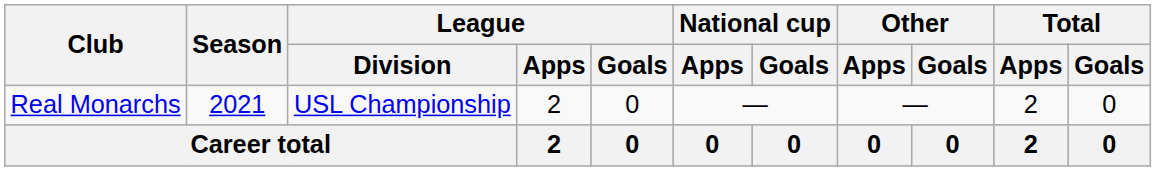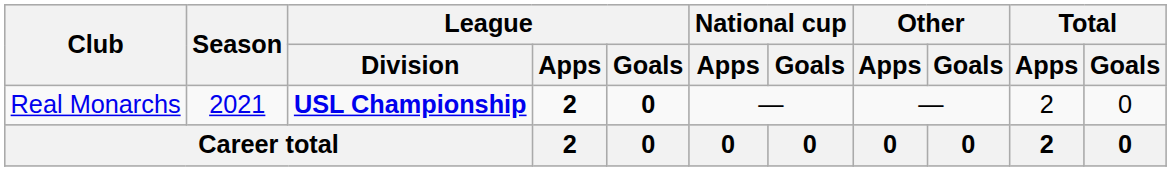 <table class=wikitable style=text-align:center>
 <tr>
 <th rowspan=2>Club</th>
 <th rowspan=2>Season</th>
 <th colspan=3>League</th>
 <th colspan=2>National cup</th>
 <th colspan=2>Other</th>
 <th colspan=2>Total</th>
 </tr>
 <tr>
 <th>Division</th>
 <th>Apps</th>
 <th>Goals</th>
 <th>Apps</th>
 <th>Goals</th>
 <th>Apps</th>
 <th>Goals</th>
 <th>Apps</th>
 <th>Goals</th>
 </tr>
 <tr>
 <td rowspan=1><a href='#'>Real Monarchs</a></td>
 <td><a href='#'>2021</a></td>
-<td><a href='#'>USL Championship</a></td>
-<td>2</td>
-<td>0</td>
+<td><strong><a href='#'>USL Championship</a></strong></td>
+<td><strong>2</strong></td>
+<td><strong>0</strong></td>
 <td colspan=2>—</td>
 <td colspan=2>—</td>
 <td>2</td>
 <td>0</td>
 </tr>
 <tr>
 <th colspan=3>Career total</th>
 <th>2</th>
 <th>0</th>
 <th>0</th>
 <th>0</th>
 <th>0</th>
 <th>0</th>
 <th>2</th>
 <th>0</th>
 </tr>
 </table>
